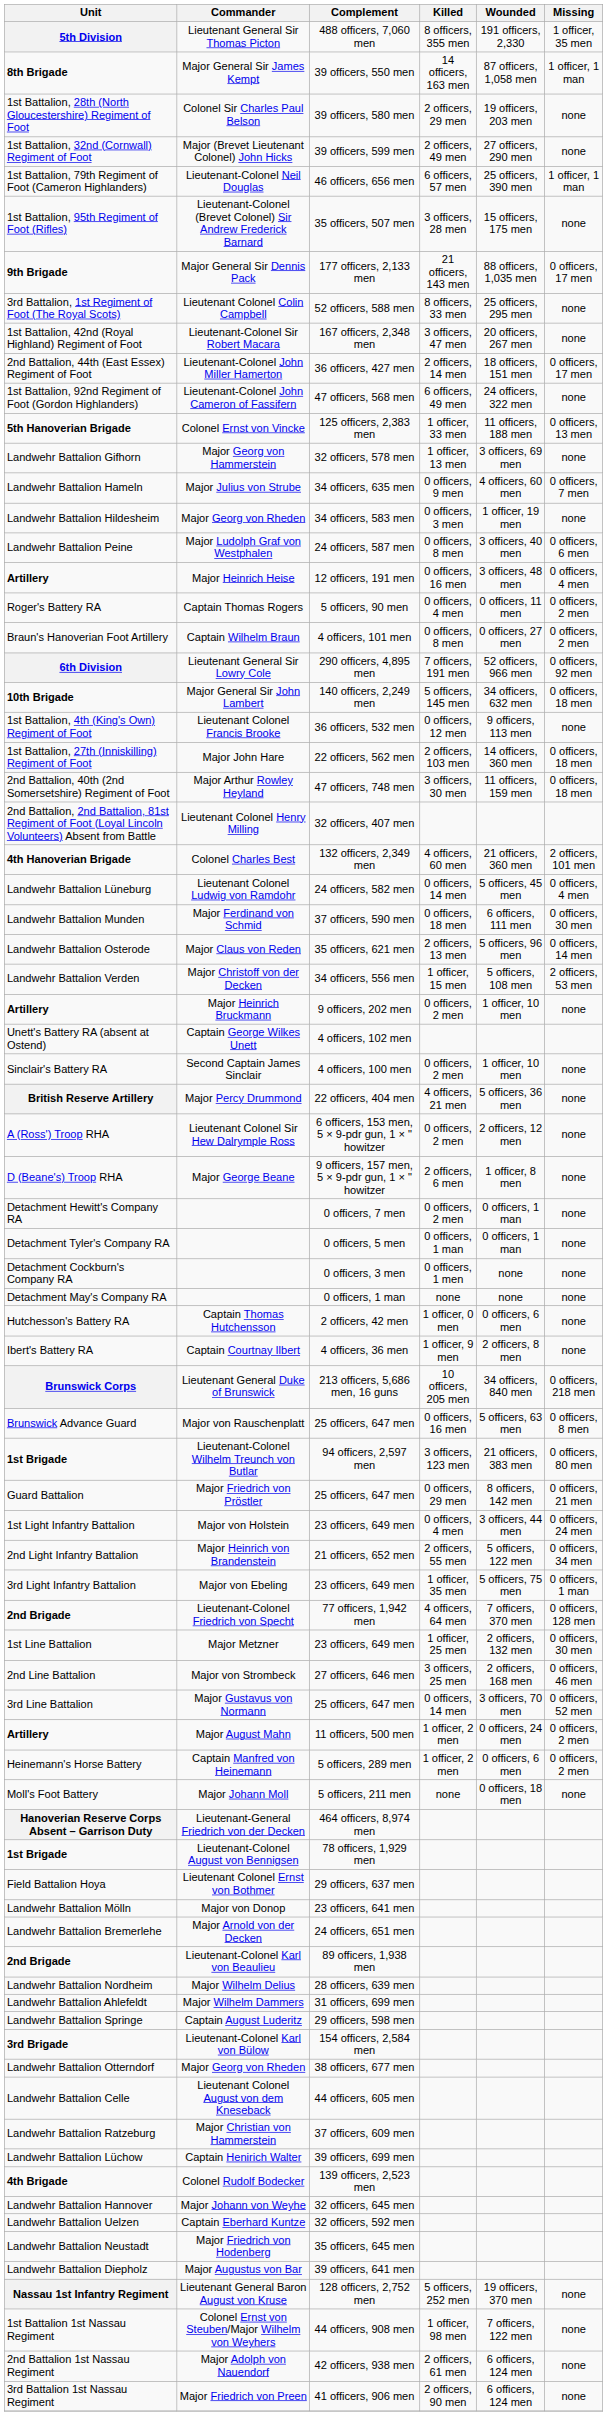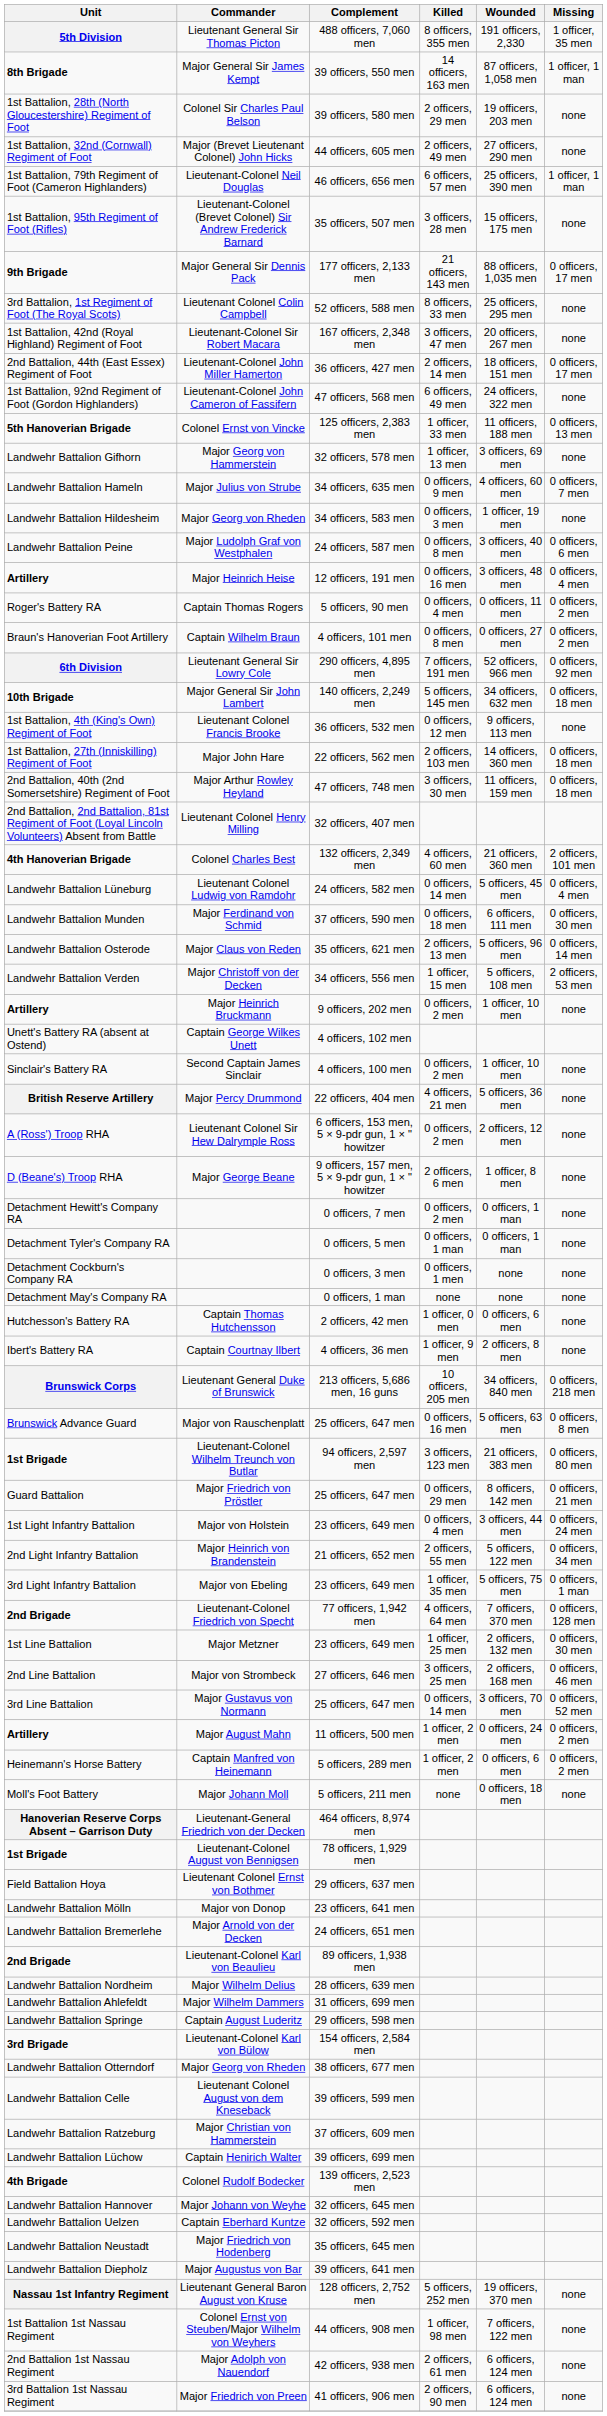 <table class="wikitable">
 <tr>
 <th>Unit</th>
 <th>Commander</th>
 <th>Complement</th>
 <th>Killed</th>
 <th>Wounded</th>
 <th>Missing</th>
 </tr>
 <tr>
 <th colspan="1" bgcolor="#f9f9f9;"><a href='#'>5th Division</a></th>
 <td align="center">Lieutenant General Sir <a href='#'>Thomas Picton</a> </td>
 <td align="center">488 officers, 7,060 men</td>
 <td align="center">8 officers, 355 men</td>
 <td align="center">191 officers, 2,330</td>
 <td align="center">1 officer, 35 men</td>
 </tr>
 <tr>
 <td><strong>8th Brigade</strong></td>
 <td align="center">Major General Sir <a href='#'>James Kempt</a> </td>
 <td align="center">39 officers, 550 men</td>
 <td align="center">14 officers, 163 men</td>
 <td align="center">87 officers, 1,058 men</td>
 <td align="center">1 officer, 1 man</td>
 </tr>
 <tr>
 <td>1st Battalion, <a href='#'>28th (North Gloucestershire) Regiment of Foot</a></td>
 <td align="center">Colonel Sir <a href='#'>Charles Paul Belson</a> </td>
 <td align="center">39 officers, 580 men</td>
 <td align="center">2 officers, 29 men</td>
 <td align="center">19 officers, 203 men</td>
 <td align="center">none</td>
 </tr>
 <tr>
 <td>1st Battalion, <a href='#'>32nd (Cornwall) Regiment of Foot</a></td>
 <td align="center">Major (Brevet Lieutenant Colonel) <a href='#'>John Hicks</a></td>
-<td align="center">39 officers, 599 men</td>
+<td align="center">44 officers, 605 men</td>
 <td align="center">2 officers, 49 men</td>
 <td align="center">27 officers, 290 men</td>
 <td align="center">none</td>
 </tr>
 <tr>
 <td>1st Battalion, 79th Regiment of Foot (Cameron Highlanders)</td>
 <td align="center">Lieutenant-Colonel <a href='#'>Neil Douglas</a></td>
 <td align="center">46 officers, 656 men</td>
 <td align="center">6 officers, 57 men</td>
 <td align="center">25 officers, 390 men</td>
 <td align="center">1 officer, 1 man</td>
 </tr>
 <tr>
 <td>1st Battalion, <a href='#'>95th Regiment of Foot (Rifles)</a></td>
 <td align="center">Lieutenant-Colonel (Brevet Colonel) <a href='#'>Sir Andrew Frederick Barnard</a> </td>
 <td align="center">35 officers, 507 men</td>
 <td align="center">3 officers, 28 men</td>
 <td align="center">15 officers, 175 men</td>
 <td align="center">none</td>
 </tr>
 <tr>
 <td><strong>9th Brigade</strong></td>
 <td align="center">Major General Sir <a href='#'>Dennis Pack</a> </td>
 <td align="center">177 officers, 2,133 men</td>
 <td align="center">21 officers, 143 men</td>
 <td align="center">88 officers, 1,035 men</td>
 <td align="center">0 officers, 17 men</td>
 </tr>
 <tr>
 <td>3rd Battalion, <a href='#'>1st Regiment of Foot (The Royal Scots)</a></td>
 <td align="center">Lieutenant Colonel <a href='#'>Colin Campbell</a></td>
 <td align="center">52 officers, 588 men</td>
 <td align="center">8 officers, 33 men</td>
 <td align="center">25 officers, 295 men</td>
 <td align="center">none</td>
 </tr>
 <tr>
 <td>1st Battalion, 42nd (Royal Highland) Regiment of Foot</td>
 <td align="center">Lieutenant-Colonel Sir <a href='#'>Robert Macara</a> </td>
 <td align="center">167 officers, 2,348 men</td>
 <td align="center">3 officers, 47 men</td>
 <td align="center">20 officers, 267 men</td>
 <td align="center">none</td>
 </tr>
 <tr>
 <td>2nd Battalion, 44th (East Essex) Regiment of Foot</td>
 <td align="center">Lieutenant-Colonel <a href='#'>John Miller Hamerton</a></td>
 <td align="center">36 officers, 427 men</td>
 <td align="center">2 officers, 14 men</td>
 <td align="center">18 officers, 151 men</td>
 <td align="center">0 officers, 17 men</td>
 </tr>
 <tr>
 <td>1st Battalion, 92nd Regiment of Foot (Gordon Highlanders)</td>
 <td align="center">Lieutenant-Colonel <a href='#'>John Cameron of Fassifern</a></td>
 <td align="center">47 officers, 568 men</td>
 <td align="center">6 officers, 49 men</td>
 <td align="center">24 officers, 322 men</td>
 <td align="center">none</td>
 </tr>
 <tr>
 <td><strong>5th Hanoverian Brigade</strong></td>
 <td align="center">Colonel <a href='#'>Ernst von Vincke</a></td>
 <td align="center">125 officers, 2,383 men</td>
 <td align="center">1 officer, 33 men</td>
 <td align="center">11 officers, 188 men</td>
 <td align="center">0 officers, 13 men</td>
 </tr>
 <tr>
 <td>Landwehr Battalion Gifhorn</td>
 <td align="center">Major <a href='#'>Georg von Hammerstein</a></td>
 <td align="center">32 officers, 578 men</td>
 <td align="center">1 officer, 13 men</td>
 <td align="center">3 officers, 69 men</td>
 <td align="center">none</td>
 </tr>
 <tr>
 <td>Landwehr Battalion Hameln</td>
 <td align="center">Major <a href='#'>Julius von Strube</a></td>
 <td align="center">34 officers, 635 men</td>
 <td align="center">0 officers, 9 men</td>
 <td align="center">4 officers, 60 men</td>
 <td align="center">0 officers, 7 men</td>
 </tr>
 <tr>
 <td>Landwehr Battalion Hildesheim</td>
 <td align="center">Major <a href='#'>Georg von Rheden</a></td>
 <td align="center">34 officers, 583 men</td>
 <td align="center">0 officers, 3 men</td>
 <td align="center">1 officer, 19 men</td>
 <td align="center">none</td>
 </tr>
 <tr>
 <td>Landwehr Battalion Peine</td>
 <td align="center">Major <a href='#'>Ludolph Graf von Westphalen</a></td>
 <td align="center">24 officers, 587 men</td>
 <td align="center">0 officers, 8 men</td>
 <td align="center">3 officers, 40 men</td>
 <td align="center">0 officers, 6 men</td>
 </tr>
 <tr>
 <td><strong>Artillery</strong></td>
 <td align="center">Major <a href='#'>Heinrich Heise</a></td>
 <td align="center">12 officers, 191 men</td>
 <td align="center">0 officers, 16 men</td>
 <td align="center">3 officers, 48 men</td>
 <td align="center">0 officers, 4 men</td>
 </tr>
 <tr>
 <td>Roger's Battery RA</td>
 <td align="center">Captain Thomas Rogers</td>
 <td align="center">5 officers, 90 men</td>
 <td align="center">0 officers, 4 men</td>
 <td align="center">0 officers, 11 men</td>
 <td align="center">0 officers, 2 men</td>
 </tr>
 <tr>
 <td>Braun's Hanoverian Foot Artillery</td>
 <td align="center">Captain <a href='#'>Wilhelm Braun</a></td>
 <td align="center">4 officers, 101 men</td>
 <td align="center">0 officers, 8 men</td>
 <td align="center">0 officers, 27 men</td>
 <td align="center">0 officers, 2 men</td>
 </tr>
 <tr>
 <th colspan="1" bgcolor="#f9f9f9;"><a href='#'>6th Division</a></th>
 <td align="center">Lieutenant General Sir <a href='#'>Lowry Cole</a></td>
 <td align="center">290 officers, 4,895 men</td>
 <td align="center">7 officers, 191 men</td>
 <td align="center">52 officers, 966 men</td>
 <td align="center">0 officers, 92 men</td>
 </tr>
 <tr>
 <td><strong>10th Brigade</strong></td>
 <td align="center">Major General Sir <a href='#'>John Lambert</a> </td>
 <td align="center">140 officers, 2,249 men</td>
 <td align="center">5 officers, 145 men</td>
 <td align="center">34 officers, 632 men</td>
 <td align="center">0 officers, 18 men</td>
 </tr>
 <tr>
 <td>1st Battalion, <a href='#'>4th (King's Own) Regiment of Foot</a></td>
 <td align="center">Lieutenant Colonel <a href='#'>Francis Brooke</a></td>
 <td align="center">36 officers, 532 men</td>
 <td align="center">0 officers, 12 men</td>
 <td align="center">9 officers, 113 men</td>
 <td align="center">none</td>
 </tr>
 <tr>
 <td>1st Battalion, <a href='#'>27th (Inniskilling) Regiment of Foot</a></td>
 <td align="center">Major John Hare</td>
 <td align="center">22 officers, 562 men</td>
 <td align="center">2 officers, 103 men</td>
 <td align="center">14 officers, 360 men</td>
 <td align="center">0 officers, 18 men</td>
 </tr>
 <tr>
 <td>2nd Battalion, 40th (2nd Somersetshire) Regiment of Foot</td>
 <td align="center">Major Arthur <a href='#'>Rowley Heyland</a></td>
 <td align="center">47 officers, 748 men</td>
 <td align="center">3 officers, 30 men</td>
 <td align="center">11 officers, 159 men</td>
 <td align="center">0 officers, 18 men</td>
 </tr>
 <tr>
 <td>2nd Battalion, <a href='#'>2nd Battalion, 81st Regiment of Foot (Loyal Lincoln Volunteers)</a> Absent from Battle</td>
 <td align="center">Lieutenant Colonel <a href='#'>Henry Milling</a></td>
 <td align="center">32 officers, 407 men</td>
 <td align="center"></td>
 <td align="center"></td>
 <td align="center"></td>
 </tr>
 <tr>
 <td><strong>4th Hanoverian Brigade</strong></td>
 <td align="center">Colonel <a href='#'>Charles Best</a></td>
 <td align="center">132 officers, 2,349 men</td>
 <td align="center">4 officers, 60 men</td>
 <td align="center">21 officers, 360 men</td>
 <td align="center">2 officers, 101 men</td>
 </tr>
 <tr>
 <td>Landwehr Battalion Lüneburg</td>
 <td align="center">Lieutenant Colonel <a href='#'>Ludwig von Ramdohr</a></td>
 <td align="center">24 officers, 582 men</td>
 <td align="center">0 officers, 14 men</td>
 <td align="center">5 officers, 45 men</td>
 <td align="center">0 officers, 4 men</td>
 </tr>
 <tr>
 <td>Landwehr Battalion Munden</td>
 <td align="center">Major <a href='#'>Ferdinand von Schmid</a></td>
 <td align="center">37 officers, 590 men</td>
 <td align="center">0 officers, 18 men</td>
 <td align="center">6 officers, 111 men</td>
 <td align="center">0 officers, 30 men</td>
 </tr>
 <tr>
 <td>Landwehr Battalion Osterode</td>
 <td align="center">Major <a href='#'>Claus von Reden</a></td>
 <td align="center">35 officers, 621 men</td>
 <td align="center">2 officers, 13 men</td>
 <td align="center">5 officers, 96 men</td>
 <td align="center">0 officers, 14 men</td>
 </tr>
 <tr>
 <td>Landwehr Battalion Verden</td>
 <td align="center">Major <a href='#'>Christoff von der Decken</a></td>
 <td align="center">34 officers, 556 men</td>
 <td align="center">1 officer, 15 men</td>
 <td align="center">5 officers, 108 men</td>
 <td align="center">2 officers, 53 men</td>
 </tr>
 <tr>
 <td><strong>Artillery</strong></td>
 <td align="center">Major <a href='#'>Heinrich Bruckmann</a></td>
 <td align="center">9 officers, 202 men</td>
 <td align="center">0 officers, 2 men</td>
 <td align="center">1 officer, 10 men</td>
 <td align="center">none</td>
 </tr>
 <tr>
 <td>Unett's Battery RA (absent at Ostend)</td>
 <td align="center">Captain <a href='#'>George Wilkes Unett</a></td>
 <td align="center">4 officers, 102 men</td>
 <td align="center"></td>
 <td align="center"></td>
 <td align="center"></td>
 </tr>
 <tr>
 <td>Sinclair's Battery RA</td>
 <td align="center">Second Captain James Sinclair</td>
 <td align="center">4 officers, 100 men</td>
 <td align="center">0 officers, 2 men</td>
 <td align="center">1 officer, 10 men</td>
 <td align="center">none</td>
 </tr>
 <tr>
 <th colspan="1" bgcolor="#f9f9f9;">British Reserve Artillery</th>
 <td align="center">Major <a href='#'>Percy Drummond</a></td>
 <td align="center">22 officers, 404 men</td>
 <td align="center">4 officers, 21 men</td>
 <td align="center">5 officers, 36 men</td>
 <td align="center">none</td>
 </tr>
 <tr>
 <td><a href='#'>A (Ross') Troop</a> RHA</td>
 <td align="center">Lieutenant Colonel Sir <a href='#'>Hew Dalrymple Ross</a> </td>
 <td align="center">6 officers, 153 men, 5 × 9-pdr gun, 1 × " howitzer</td>
 <td align="center">0 officers, 2 men</td>
 <td align="center">2 officers, 12 men</td>
 <td align="center">none</td>
 </tr>
 <tr>
 <td><a href='#'>D (Beane's) Troop</a> RHA</td>
 <td align="center">Major <a href='#'>George Beane</a></td>
 <td align="center">9 officers, 157 men, 5 × 9-pdr gun, 1 × " howitzer</td>
 <td align="center">2 officers, 6 men</td>
 <td align="center">1 officer, 8 men</td>
 <td align="center">none</td>
 </tr>
 <tr>
 <td>Detachment Hewitt's Company RA</td>
 <td align="center"></td>
 <td align="center">0 officers, 7 men</td>
 <td align="center">0 officers, 2 men</td>
 <td align="center">0 officers, 1 man</td>
 <td align="center">none</td>
 </tr>
 <tr>
 <td>Detachment Tyler's Company RA</td>
 <td align="center"></td>
 <td align="center">0 officers, 5 men</td>
 <td align="center">0 officers, 1 man</td>
 <td align="center">0 officers, 1 man</td>
 <td align="center">none</td>
 </tr>
 <tr>
 <td>Detachment Cockburn's Company RA</td>
 <td align="center"></td>
 <td align="center">0 officers, 3 men</td>
 <td align="center">0 officers, 1 men</td>
 <td align="center">none</td>
 <td align="center">none</td>
 </tr>
 <tr>
 <td>Detachment May's Company RA</td>
 <td align="center"></td>
 <td align="center">0 officers, 1 man</td>
 <td align="center">none</td>
 <td align="center">none</td>
 <td align="center">none</td>
 </tr>
 <tr>
 <td>Hutchesson's Battery RA</td>
 <td align="center">Captain <a href='#'>Thomas Hutchensson</a></td>
 <td align="center">2 officers, 42 men</td>
 <td align="center">1 officer, 0 men</td>
 <td align="center">0 officers, 6 men</td>
 <td align="center">none</td>
 </tr>
 <tr>
 <td>Ibert's Battery RA</td>
 <td align="center">Captain <a href='#'>Courtnay Ilbert</a></td>
 <td align="center">4 officers, 36 men</td>
 <td align="center">1 officer, 9 men</td>
 <td align="center">2 officers, 8 men</td>
 <td align="center">none</td>
 </tr>
 <tr>
 <th colspan="1" bgcolor="#f9f9f9;"><a href='#'>Brunswick Corps</a></th>
 <td align="center">Lieutenant General <a href='#'>Duke of Brunswick</a></td>
 <td align="center">213 officers, 5,686 men, 16 guns</td>
 <td align="center">10 officers, 205 men</td>
 <td align="center">34 officers, 840 men</td>
 <td align="center">0 officers, 218 men</td>
 </tr>
 <tr>
 <td><a href='#'>Brunswick</a> Advance Guard</td>
 <td align="center">Major von Rauschenplatt</td>
 <td align="center">25 officers, 647 men</td>
 <td align="center">0 officers, 16 men</td>
 <td align="center">5 officers, 63 men</td>
 <td align="center">0 officers, 8 men</td>
 </tr>
 <tr>
 <td><strong>1st Brigade</strong></td>
 <td align="center">Lieutenant-Colonel <a href='#'>Wilhelm Treunch von Butlar</a></td>
 <td align="center">94 officers, 2,597 men</td>
 <td align="center">3 officers, 123 men</td>
 <td align="center">21 officers, 383 men</td>
 <td align="center">0 officers, 80 men</td>
 </tr>
 <tr>
 <td>Guard Battalion</td>
 <td align="center">Major <a href='#'>Friedrich von Pröstler</a></td>
 <td align="center">25 officers, 647 men</td>
 <td align="center">0 officers, 29 men</td>
 <td align="center">8 officers, 142 men</td>
 <td align="center">0 officers, 21 men</td>
 </tr>
 <tr>
 <td>1st Light Infantry Battalion</td>
 <td align="center">Major von Holstein</td>
 <td align="center">23 officers, 649 men</td>
 <td align="center">0 officers, 4 men</td>
 <td align="center">3 officers, 44 men</td>
 <td align="center">0 officers, 24 men</td>
 </tr>
 <tr>
 <td>2nd Light Infantry Battalion</td>
 <td align="center">Major <a href='#'>Heinrich von Brandenstein</a></td>
 <td align="center">21 officers, 652 men</td>
 <td align="center">2 officers, 55 men</td>
 <td align="center">5 officers, 122 men</td>
 <td align="center">0 officers, 34 men</td>
 </tr>
 <tr>
 <td>3rd Light Infantry Battalion</td>
 <td align="center">Major von Ebeling</td>
 <td align="center">23 officers, 649 men</td>
 <td align="center">1 officer, 35 men</td>
 <td align="center">5 officers, 75 men</td>
 <td align="center">0 officers, 1 man</td>
 </tr>
 <tr>
 <td><strong>2nd Brigade</strong></td>
 <td align="center">Lieutenant-Colonel <a href='#'>Friedrich von Specht</a></td>
 <td align="center">77 officers, 1,942 men</td>
 <td align="center">4 officers, 64 men</td>
 <td align="center">7 officers, 370 men</td>
 <td align="center">0 officers, 128 men</td>
 </tr>
 <tr>
 <td>1st Line Battalion</td>
 <td align="center">Major Metzner</td>
 <td align="center">23 officers, 649 men</td>
 <td align="center">1 officer, 25 men</td>
 <td align="center">2 officers, 132 men</td>
 <td align="center">0 officers, 30 men</td>
 </tr>
 <tr>
 <td>2nd Line Battalion</td>
 <td align="center">Major von Strombeck</td>
 <td align="center">27 officers, 646 men</td>
 <td align="center">3 officers, 25 men</td>
 <td align="center">2 officers, 168 men</td>
 <td align="center">0 officers, 46 men</td>
 </tr>
 <tr>
 <td>3rd Line Battalion</td>
 <td align="center">Major <a href='#'>Gustavus von Normann</a></td>
 <td align="center">25 officers, 647 men</td>
 <td align="center">0 officers, 14 men</td>
 <td align="center">3 officers, 70 men</td>
 <td align="center">0 officers, 52 men</td>
 </tr>
 <tr>
 <td><strong>Artillery</strong></td>
 <td align="center">Major <a href='#'>August Mahn</a></td>
 <td align="center">11 officers, 500 men</td>
 <td align="center">1 officer, 2 men</td>
 <td align="center">0 officers, 24 men</td>
 <td align="center">0 officers, 2 men</td>
 </tr>
 <tr>
 <td>Heinemann's Horse Battery</td>
 <td align="center">Captain <a href='#'>Manfred von Heinemann</a></td>
 <td align="center">5 officers, 289 men</td>
 <td align="center">1 officer, 2 men</td>
 <td align="center">0 officers, 6 men</td>
 <td align="center">0 officers, 2 men</td>
 </tr>
 <tr>
 <td>Moll's Foot Battery</td>
 <td align="center">Major <a href='#'>Johann Moll</a></td>
 <td align="center">5 officers, 211 men</td>
 <td align="center">none</td>
 <td align="center">0 officers, 18 men</td>
 <td align="center">none</td>
 </tr>
 <tr>
 <th colspan="1" bgcolor="#f9f9f9;">Hanoverian Reserve Corps Absent – Garrison Duty</th>
 <td align="center">Lieutenant-General <a href='#'>Friedrich von der Decken</a></td>
 <td align="center">464 officers, 8,974 men</td>
 <td align="center"></td>
 <td align="center"></td>
 <td align="center"></td>
 </tr>
 <tr>
 <td><strong>1st Brigade</strong></td>
 <td align="center">Lieutenant-Colonel <a href='#'>August von Bennigsen</a></td>
 <td align="center">78 officers, 1,929 men</td>
 <td align="center"></td>
 <td align="center"></td>
 <td align="center"></td>
 </tr>
 <tr>
 <td>Field Battalion Hoya</td>
 <td align="center">Lieutenant Colonel <a href='#'>Ernst von Bothmer</a></td>
 <td align="center">29 officers, 637 men</td>
 <td align="center"></td>
 <td align="center"></td>
 <td align="center"></td>
 </tr>
 <tr>
 <td>Landwehr Battalion Mölln</td>
 <td align="center">Major von Donop</td>
 <td align="center">23 officers, 641 men</td>
 <td align="center"></td>
 <td align="center"></td>
 <td align="center"></td>
 </tr>
 <tr>
 <td>Landwehr Battalion Bremerlehe</td>
 <td align="center">Major <a href='#'>Arnold von der Decken</a></td>
 <td align="center">24 officers, 651 men</td>
 <td align="center"></td>
 <td align="center"></td>
 <td align="center"></td>
 </tr>
 <tr>
 <td><strong>2nd Brigade</strong></td>
 <td align="center">Lieutenant-Colonel <a href='#'>Karl von Beaulieu</a></td>
 <td align="center">89 officers, 1,938 men</td>
 <td align="center"></td>
 <td align="center"></td>
 <td align="center"></td>
 </tr>
 <tr>
 <td>Landwehr Battalion Nordheim</td>
 <td align="center">Major <a href='#'>Wilhelm Delius</a></td>
 <td align="center">28 officers, 639 men</td>
 <td align="center"></td>
 <td align="center"></td>
 <td align="center"></td>
 </tr>
 <tr>
 <td>Landwehr Battalion Ahlefeldt</td>
 <td align="center">Major <a href='#'>Wilhelm Dammers</a></td>
 <td align="center">31 officers, 699 men</td>
 <td align="center"></td>
 <td align="center"></td>
 <td align="center"></td>
 </tr>
 <tr>
 <td>Landwehr Battalion Springe</td>
 <td align="center">Captain <a href='#'>August Luderitz</a></td>
 <td align="center">29 officers, 598 men</td>
 <td align="center"></td>
 <td align="center"></td>
 <td align="center"></td>
 </tr>
 <tr>
 <td><strong>3rd Brigade</strong></td>
 <td align="center">Lieutenant-Colonel <a href='#'>Karl von Bülow</a></td>
 <td align="center">154 officers, 2,584 men</td>
 <td align="center"></td>
 <td align="center"></td>
 <td align="center"></td>
 </tr>
 <tr>
 <td>Landwehr Battalion Otterndorf</td>
 <td align="center">Major <a href='#'>Georg von Rheden</a></td>
 <td align="center">38 officers, 677 men</td>
 <td align="center"></td>
 <td align="center"></td>
 <td align="center"></td>
 </tr>
 <tr>
 <td>Landwehr Battalion Celle</td>
 <td align="center">Lieutenant Colonel <a href='#'>August von dem Kneseback</a></td>
-<td align="center">44 officers, 605 men</td>
+<td align="center">39 officers, 599 men</td>
 <td align="center"></td>
 <td align="center"></td>
 <td align="center"></td>
 </tr>
 <tr>
 <td>Landwehr Battalion Ratzeburg</td>
 <td align="center">Major <a href='#'>Christian von Hammerstein</a></td>
 <td align="center">37 officers, 609 men</td>
 <td align="center"></td>
 <td align="center"></td>
 <td align="center"></td>
 </tr>
 <tr>
 <td>Landwehr Battalion Lüchow</td>
 <td align="center">Captain <a href='#'>Henirich Walter</a></td>
 <td align="center">39 officers, 699 men</td>
 <td align="center"></td>
 <td align="center"></td>
 <td align="center"></td>
 </tr>
 <tr>
 <td><strong>4th Brigade</strong></td>
 <td align="center">Colonel <a href='#'>Rudolf Bodecker</a></td>
 <td align="center">139 officers, 2,523 men</td>
 <td align="center"></td>
 <td align="center"></td>
 <td align="center"></td>
 </tr>
 <tr>
 <td>Landwehr Battalion Hannover</td>
 <td align="center">Major <a href='#'>Johann von Weyhe</a></td>
 <td align="center">32 officers, 645 men</td>
 <td align="center"></td>
 <td align="center"></td>
 <td align="center"></td>
 </tr>
 <tr>
 <td>Landwehr Battalion Uelzen</td>
 <td align="center">Captain <a href='#'>Eberhard Kuntze</a></td>
 <td align="center">32 officers, 592 men</td>
 <td align="center"></td>
 <td align="center"></td>
 <td align="center"></td>
 </tr>
 <tr>
 <td>Landwehr Battalion Neustadt</td>
 <td align="center">Major <a href='#'>Friedrich von Hodenberg</a></td>
 <td align="center">35 officers, 645 men</td>
 <td align="center"></td>
 <td align="center"></td>
 <td align="center"></td>
 </tr>
 <tr>
 <td>Landwehr Battalion Diepholz</td>
 <td align="center">Major <a href='#'>Augustus von Bar</a></td>
 <td align="center">39 officers, 641 men</td>
 <td align="center"></td>
 <td align="center"></td>
 <td align="center"></td>
 </tr>
 <tr>
 <th colspan="1" bgcolor="#f9f9f9;">Nassau 1st Infantry Regiment</th>
 <td align="center">Lieutenant General Baron <a href='#'>August von Kruse</a></td>
 <td align="center">128 officers, 2,752 men</td>
 <td align="center">5 officers, 252 men</td>
 <td align="center">19 officers, 370 men</td>
 <td align="center">none</td>
 </tr>
 <tr>
 <td>1st Battalion 1st Nassau Regiment</td>
 <td align="center">Colonel <a href='#'>Ernst von Steuben</a>/Major <a href='#'>Wilhelm von Weyhers</a></td>
 <td align="center">44 officers, 908 men</td>
 <td align="center">1 officer, 98 men</td>
 <td align="center">7 officers, 122 men</td>
 <td align="center">none</td>
 </tr>
 <tr>
 <td>2nd Battalion 1st Nassau Regiment</td>
 <td align="center">Major <a href='#'>Adolph von Nauendorf</a></td>
 <td align="center">42 officers, 938 men</td>
 <td align="center">2 officers, 61 men</td>
 <td align="center">6 officers, 124 men</td>
 <td align="center">none</td>
 </tr>
 <tr>
 <td>3rd Battalion 1st Nassau Regiment</td>
 <td align="center">Major <a href='#'>Friedrich von Preen</a></td>
 <td align="center">41 officers, 906 men</td>
 <td align="center">2 officers, 90 men</td>
 <td align="center">6 officers, 124 men</td>
 <td align="center">none</td>
 </tr>
 <tr>
 </tr>
 </table>
